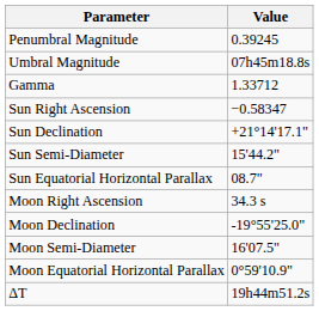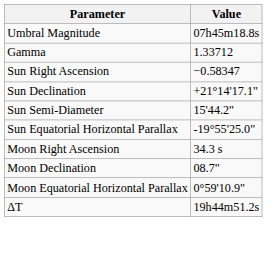 <table class="wikitable">
 <tr>
 <th>Parameter</th>
 <th>Value</th>
-</tr>
-<tr>
-<td>Penumbral Magnitude</td>
-<td>0.39245</td>
 </tr>
 <tr>
 <td>Umbral Magnitude</td>
 <td>07h45m18.8s</td>
 </tr>
 <tr>
 <td>Gamma</td>
 <td>1.33712</td>
 </tr>
 <tr>
 <td>Sun Right Ascension</td>
 <td>−0.58347</td>
 </tr>
 <tr>
 <td>Sun Declination</td>
 <td>+21°14'17.1"</td>
 </tr>
 <tr>
 <td>Sun Semi-Diameter</td>
 <td>15'44.2"</td>
 </tr>
 <tr>
 <td>Sun Equatorial Horizontal Parallax</td>
-<td>08.7"</td>
+<td>-19°55'25.0"</td>
 </tr>
 <tr>
 <td>Moon Right Ascension</td>
 <td>34.3 s</td>
 </tr>
 <tr>
 <td>Moon Declination</td>
-<td>-19°55'25.0"</td>
-</tr>
-<tr>
-<td>Moon Semi-Diameter</td>
-<td>16'07.5"</td>
+<td>08.7"</td>
 </tr>
 <tr>
 <td>Moon Equatorial Horizontal Parallax</td>
 <td>0°59'10.9"</td>
 </tr>
 <tr>
 <td>ΔT</td>
 <td>19h44m51.2s</td>
 </tr>
 </table>
